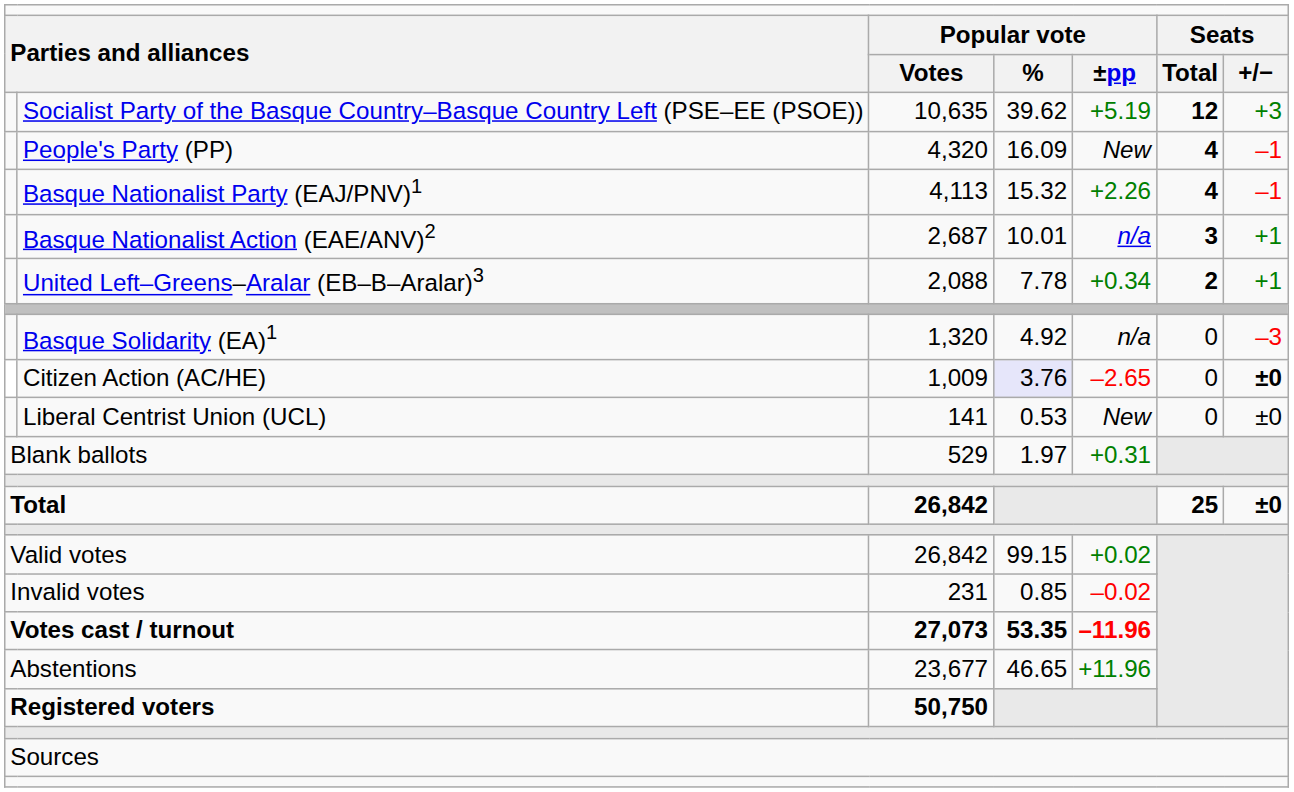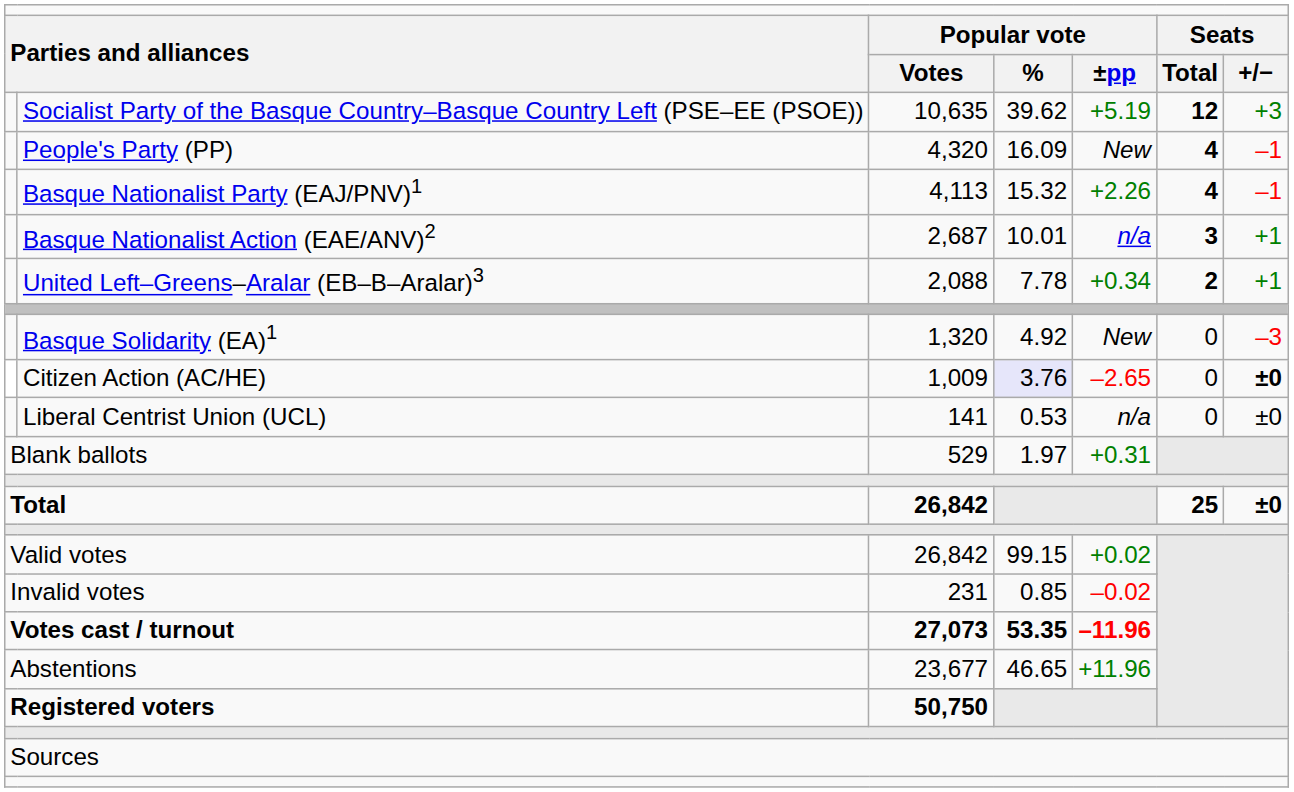 <table class="wikitable" style="text-align:right;">
 <tr>
 <td colspan="7"></td>
 </tr>
 <tr>
 <th style="text-align:left;" rowspan="2" colspan="2" width="525">Parties and alliances</th>
 <th colspan="3">Popular vote</th>
 <th colspan="2">Seats</th>
 </tr>
 <tr>
 <th width="75">Votes</th>
 <th width="45">%</th>
 <th width="45">±<a href='#'>pp</a></th>
 <th width="35">Total</th>
 <th width="35">+/−</th>
 </tr>
 <tr>
 <td width="1" style="color:inherit;background:"></td>
 <td align="left"><a href='#'>Socialist Party of the Basque Country–Basque Country Left</a> (PSE–EE (PSOE))</td>
 <td>10,635</td>
 <td>39.62</td>
 <td style="color:green;">+5.19</td>
 <td><strong>12</strong></td>
 <td style="color:green;">+3</td>
 </tr>
 <tr>
 <td style="color:inherit;background:"></td>
 <td align="left"><a href='#'>People's Party</a> (PP)</td>
 <td>4,320</td>
 <td>16.09</td>
 <td><em>New</em></td>
 <td><strong>4</strong></td>
 <td style="color:red;">–1</td>
 </tr>
 <tr>
 <td style="color:inherit;background:"></td>
 <td align="left"><a href='#'>Basque Nationalist Party</a> (EAJ/PNV)<sup>1</sup></td>
 <td>4,113</td>
 <td>15.32</td>
 <td style="color:green;">+2.26</td>
 <td><strong>4</strong></td>
 <td style="color:red;">–1</td>
 </tr>
 <tr>
 <td style="color:inherit;background:"></td>
 <td align="left"><a href='#'>Basque Nationalist Action</a> (EAE/ANV)<sup>2</sup></td>
 <td>2,687</td>
 <td>10.01</td>
 <td><em><a href='#'>n/a</a></em></td>
 <td><strong>3</strong></td>
 <td style="color:green;">+1</td>
 </tr>
 <tr>
 <td style="color:inherit;background:"></td>
 <td align="left"><a href='#'>United Left–Greens</a>–<a href='#'>Aralar</a> (EB–B–Aralar)<sup>3</sup></td>
 <td>2,088</td>
 <td>7.78</td>
 <td style="color:green;">+0.34</td>
 <td><strong>2</strong></td>
 <td style="color:green;">+1</td>
 </tr>
 <tr>
 <td colspan="7" bgcolor="#C0C0C0"></td>
 </tr>
 <tr>
 <td style="color:inherit;background:"></td>
 <td align="left"><a href='#'>Basque Solidarity</a> (EA)<sup>1</sup></td>
 <td>1,320</td>
 <td>4.92</td>
-<td><em>n/a</em></td>
+<td><em>New</em></td>
 <td>0</td>
 <td style="color:red;">–3</td>
 </tr>
 <tr>
 <td bgcolor="white"></td>
 <td align="left">Citizen Action (AC/HE)</td>
 <td>1,009</td>
 <td style="background: lavender;">3.76</td>
 <td style="color:red;">–2.65</td>
 <td>0</td>
 <td><strong>±0</strong></td>
 </tr>
 <tr>
 <td style="color:inherit;background:"></td>
 <td align="left">Liberal Centrist Union (UCL)</td>
 <td>141</td>
 <td>0.53</td>
-<td><em>New</em></td>
+<td><em>n/a</em></td>
 <td>0</td>
 <td>±0</td>
 </tr>
 <tr>
 <td align="left" colspan="2">Blank ballots</td>
 <td>529</td>
 <td>1.97</td>
 <td style="color:green;">+0.31</td>
 <td bgcolor="#E9E9E9" colspan="2"></td>
 </tr>
 <tr>
 <td colspan="7" bgcolor="#E9E9E9"></td>
 </tr>
 <tr style="font-weight:bold;">
 <td align="left" colspan="2">Total</td>
 <td>26,842</td>
 <td bgcolor="#E9E9E9" colspan="2"></td>
 <td>25</td>
 <td>±0</td>
 </tr>
 <tr>
 <td colspan="7" bgcolor="#E9E9E9"></td>
 </tr>
 <tr>
 <td align="left" colspan="2">Valid votes</td>
 <td>26,842</td>
 <td>99.15</td>
 <td style="color:green;">+0.02</td>
 <td bgcolor="#E9E9E9" colspan="2" rowspan="5"></td>
 </tr>
 <tr>
 <td align="left" colspan="2">Invalid votes</td>
 <td>231</td>
 <td>0.85</td>
 <td style="color:red;">–0.02</td>
 </tr>
 <tr style="font-weight:bold;">
 <td align="left" colspan="2">Votes cast / turnout</td>
 <td>27,073</td>
 <td>53.35</td>
 <td style="color:red;">–11.96</td>
 </tr>
 <tr>
 <td align="left" colspan="2">Abstentions</td>
 <td>23,677</td>
 <td>46.65</td>
 <td style="color:green;">+11.96</td>
 </tr>
 <tr style="font-weight:bold;">
 <td align="left" colspan="2">Registered voters</td>
 <td>50,750</td>
 <td bgcolor="#E9E9E9" colspan="2"></td>
 </tr>
 <tr>
 <td colspan="7" bgcolor="#E9E9E9"></td>
 </tr>
 <tr>
 <td align="left" colspan="7">Sources</td>
 </tr>
 <tr>
 <td colspan="7" style="text-align:left; max-width:790px;"></td>
 </tr>
 </table>
